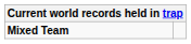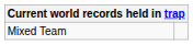 <table class="wikitable" style="font-size: 95%">
 <tr>
 <th colspan=7>Current world records held in <a href='#'>trap</a></th>
 </tr>
 <tr>
-<td><strong>Mixed Team</strong></td>
+<td>Mixed Team</td>
 <td></td>
 </tr>
 </table>
